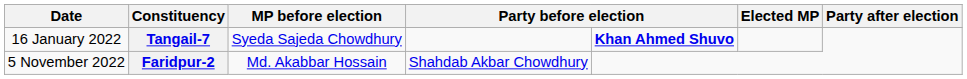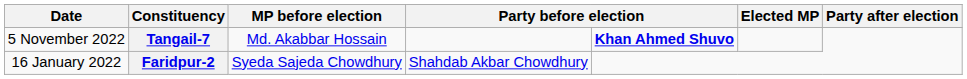 <table class="wikitable sortable" style="text-align:center;">
 <tr>
 <th>Date</th>
 <th>Constituency</th>
 <th>MP before election</th>
 <th colspan="2">Party before election</th>
 <th>Elected MP</th>
 <th colspan="2">Party after election</th>
 </tr>
 <tr>
-<td>16 January 2022</td>
+<td>5 November 2022</td>
 <th><a href='#'>Tangail-7</a></th>
-<td><a href='#'>Syeda Sajeda Chowdhury</a></td>
+<td><a href='#'>Md. Akabbar Hossain</a></td>
 <td></td>
 <td><strong><a href='#'>Khan Ahmed Shuvo</a></strong></td>
 <td></td>
 </tr>
 <tr>
-<td>5 November 2022</td>
+<td>16 January 2022</td>
 <th><a href='#'>Faridpur-2</a></th>
-<td><a href='#'>Md. Akabbar Hossain</a></td>
+<td><a href='#'>Syeda Sajeda Chowdhury</a></td>
 <td><a href='#'>Shahdab Akbar Chowdhury</a></td>
 </tr>
 </table>
